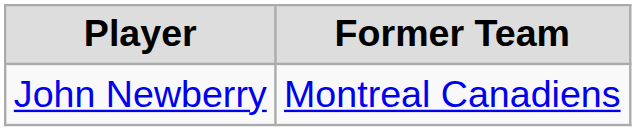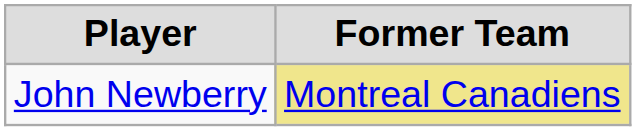 <table class="wikitable">
 <tr style="text-align:center; background:#ddd;">
 <td><strong>Player</strong></td>
 <td><strong>Former Team</strong></td>
 </tr>
 <tr>
 <td><a href='#'>John Newberry</a></td>
-<td><a href='#'>Montreal Canadiens</a></td>
+<td style="background: khaki;"><a href='#'>Montreal Canadiens</a></td>
 </tr>
 </table>
